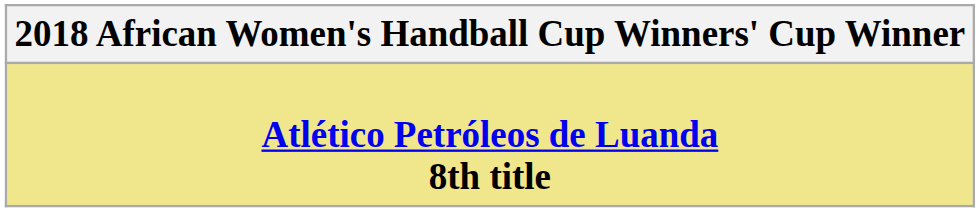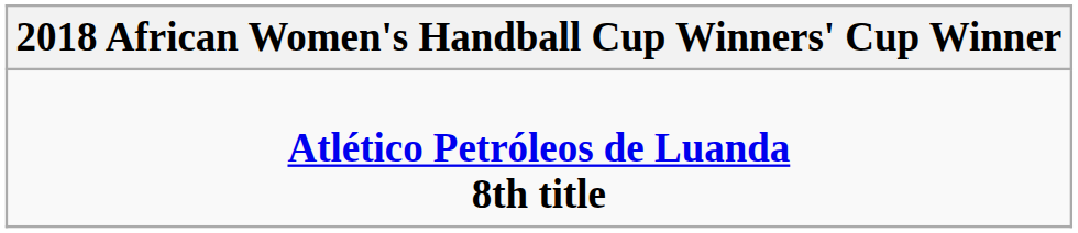 <table class=wikitable style="text-align:center; margin:auto">
 <tr>
 <th>2018 African Women's Handball Cup Winners' Cup Winner</th>
 </tr>
 <tr>
-<td style="background: khaki;"><br><strong><a href='#'>Atlético Petróleos de Luanda</a></strong><br><strong>8th title</strong></td>
+<td><br><strong><a href='#'>Atlético Petróleos de Luanda</a></strong><br><strong>8th title</strong></td>
 </tr>
 </table>
